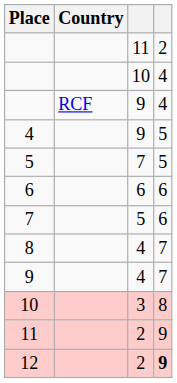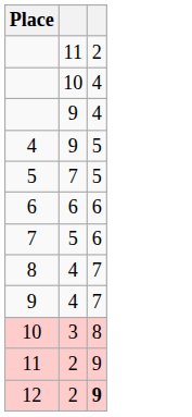 <table class="wikitable" style="text-align:center;">
 <tr>
 <th>Place</th>
-<th>Country</th>
 <th></th>
 <th></th>
 </tr>
 <tr>
 <td></td>
-<td align=left></td>
 <td>11</td>
 <td>2</td>
 </tr>
 <tr>
 <td></td>
-<td align=left></td>
 <td>10</td>
 <td>4</td>
 </tr>
 <tr>
 <td></td>
-<td align=left> <a href='#'>RCF</a></td>
 <td>9</td>
 <td>4</td>
 </tr>
 <tr>
 <td>4</td>
-<td align=left></td>
 <td>9</td>
 <td>5</td>
 </tr>
 <tr>
 <td>5</td>
-<td align=left></td>
 <td>7</td>
 <td>5</td>
 </tr>
 <tr>
 <td>6</td>
-<td align=left></td>
 <td>6</td>
 <td>6</td>
 </tr>
 <tr>
 <td>7</td>
-<td align=left></td>
 <td>5</td>
 <td>6</td>
 </tr>
 <tr>
 <td>8</td>
-<td align=left></td>
 <td>4</td>
 <td>7</td>
 </tr>
 <tr>
 <td>9</td>
-<td align=left></td>
 <td>4</td>
 <td>7</td>
 </tr>
 <tr bgcolor=#ffcccc>
 <td>10</td>
-<td align=left></td>
 <td>3</td>
 <td>8</td>
 </tr>
 <tr bgcolor=#ffcccc>
 <td>11</td>
-<td align=left></td>
 <td>2</td>
 <td>9</td>
 </tr>
 <tr bgcolor=#ffcccc>
 <td>12</td>
-<td align=left></td>
 <td>2</td>
 <td><strong>9</strong></td>
 </tr>
 </table>
